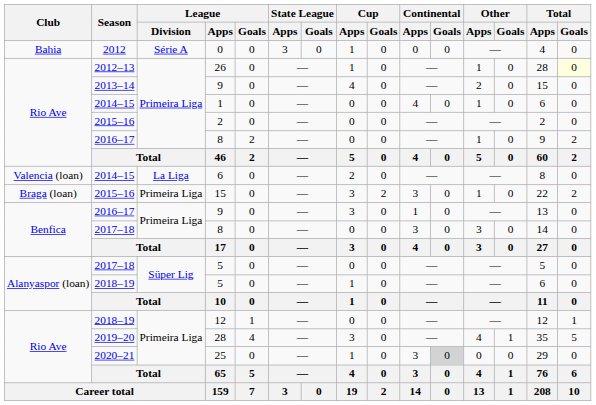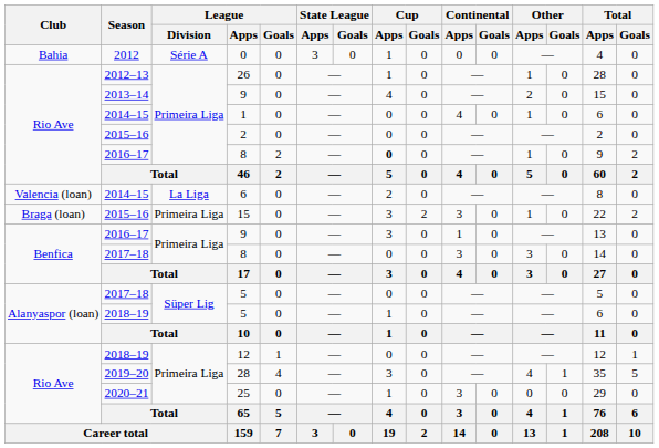 <table class="wikitable" style="text-align:center">
 <tr>
 <th rowspan="2">Club</th>
 <th rowspan="2">Season</th>
 <th colspan="3">League</th>
 <th colspan="2">State League</th>
 <th colspan="2">Cup</th>
 <th colspan="2">Continental</th>
 <th colspan="2">Other</th>
 <th colspan="2">Total</th>
 </tr>
 <tr>
 <th>Division</th>
 <th>Apps</th>
 <th>Goals</th>
 <th>Apps</th>
 <th>Goals</th>
 <th>Apps</th>
 <th>Goals</th>
 <th>Apps</th>
 <th>Goals</th>
 <th>Apps</th>
 <th>Goals</th>
 <th>Apps</th>
 <th>Goals</th>
 </tr>
 <tr>
 <td><a href='#'>Bahia</a></td>
 <td><a href='#'>2012</a></td>
 <td><a href='#'>Série A</a></td>
 <td>0</td>
 <td>0</td>
 <td>3</td>
 <td>0</td>
 <td>1</td>
 <td>0</td>
 <td>0</td>
 <td>0</td>
 <td colspan="2">—</td>
 <td>4</td>
 <td>0</td>
 </tr>
 <tr>
 <td rowspan="6"><a href='#'>Rio Ave</a></td>
 <td><a href='#'>2012–13</a></td>
 <td rowspan="5"><a href='#'>Primeira Liga</a></td>
 <td>26</td>
 <td>0</td>
 <td colspan="2">—</td>
 <td>1</td>
 <td>0</td>
 <td colspan="2">—</td>
 <td>1</td>
 <td>0</td>
 <td>28</td>
-<td style="background: lightyellow;">0</td>
+<td>0</td>
 </tr>
 <tr>
 <td><a href='#'>2013–14</a></td>
 <td>9</td>
 <td>0</td>
 <td colspan="2">—</td>
 <td>4</td>
 <td>0</td>
 <td colspan="2">—</td>
 <td>2</td>
 <td>0</td>
 <td>15</td>
 <td>0</td>
 </tr>
 <tr>
 <td><a href='#'>2014–15</a></td>
 <td>1</td>
 <td>0</td>
 <td colspan="2">—</td>
 <td>0</td>
 <td>0</td>
 <td>4</td>
 <td>0</td>
 <td>1</td>
 <td>0</td>
 <td>6</td>
 <td>0</td>
 </tr>
 <tr>
 <td><a href='#'>2015–16</a></td>
 <td>2</td>
 <td>0</td>
 <td colspan="2">—</td>
 <td>0</td>
 <td>0</td>
 <td colspan="2">—</td>
 <td colspan="2">—</td>
 <td>2</td>
 <td>0</td>
 </tr>
 <tr>
 <td><a href='#'>2016–17</a></td>
 <td>8</td>
 <td>2</td>
 <td colspan="2">—</td>
-<td>0</td>
+<td><strong>0</strong></td>
 <td>0</td>
 <td colspan="2">—</td>
 <td>1</td>
 <td>0</td>
 <td>9</td>
 <td>2</td>
 </tr>
 <tr>
 <th colspan="2">Total</th>
 <th>46</th>
 <th>2</th>
 <th colspan="2">—</th>
 <th>5</th>
 <th>0</th>
 <th>4</th>
 <th>0</th>
 <th>5</th>
 <th>0</th>
 <th>60</th>
 <th>2</th>
 </tr>
 <tr>
 <td><a href='#'>Valencia</a> (loan)</td>
 <td><a href='#'>2014–15</a></td>
 <td><a href='#'>La Liga</a></td>
 <td>6</td>
 <td>0</td>
 <td colspan="2">—</td>
 <td>2</td>
 <td>0</td>
 <td colspan="2">—</td>
 <td colspan="2">—</td>
 <td>8</td>
 <td>0</td>
 </tr>
 <tr>
 <td><a href='#'>Braga</a> (loan)</td>
 <td><a href='#'>2015–16</a></td>
 <td>Primeira Liga</td>
 <td>15</td>
 <td>0</td>
 <td colspan="2">—</td>
 <td>3</td>
 <td>2</td>
 <td>3</td>
 <td>0</td>
 <td>1</td>
 <td>0</td>
 <td>22</td>
 <td>2</td>
 </tr>
 <tr>
 <td rowspan="3"><a href='#'>Benfica</a></td>
 <td><a href='#'>2016–17</a></td>
 <td rowspan="2">Primeira Liga</td>
 <td>9</td>
 <td>0</td>
 <td colspan="2">—</td>
 <td>3</td>
 <td>0</td>
 <td>1</td>
 <td>0</td>
 <td colspan="2">—</td>
 <td>13</td>
 <td>0</td>
 </tr>
 <tr>
 <td><a href='#'>2017–18</a></td>
 <td>8</td>
 <td>0</td>
 <td colspan="2">—</td>
 <td>0</td>
 <td>0</td>
 <td>3</td>
 <td>0</td>
 <td>3</td>
 <td>0</td>
 <td>14</td>
 <td>0</td>
 </tr>
 <tr>
 <th colspan="2">Total</th>
 <th>17</th>
 <th>0</th>
 <th colspan="2">—</th>
 <th>3</th>
 <th>0</th>
 <th>4</th>
 <th>0</th>
 <th>3</th>
 <th>0</th>
 <th>27</th>
 <th>0</th>
 </tr>
 <tr>
 <td rowspan="3"><a href='#'>Alanyaspor</a> (loan)</td>
 <td><a href='#'>2017–18</a></td>
 <td rowspan="2"><a href='#'>Süper Lig</a></td>
 <td>5</td>
 <td>0</td>
 <td colspan="2">—</td>
 <td>0</td>
 <td>0</td>
 <td colspan="2">—</td>
 <td colspan="2">—</td>
 <td>5</td>
 <td>0</td>
 </tr>
 <tr>
 <td><a href='#'>2018–19</a></td>
 <td>5</td>
 <td>0</td>
 <td colspan="2">—</td>
 <td>1</td>
 <td>0</td>
 <td colspan="2">—</td>
 <td colspan="2">—</td>
 <td>6</td>
 <td>0</td>
 </tr>
 <tr>
 <th colspan="2">Total</th>
 <th>10</th>
 <th>0</th>
 <th colspan="2">—</th>
 <th>1</th>
 <th>0</th>
 <th colspan="2">—</th>
 <th colspan="2">—</th>
 <th>11</th>
 <th>0</th>
 </tr>
 <tr>
 <td rowspan="4"><a href='#'>Rio Ave</a></td>
 <td><a href='#'>2018–19</a></td>
 <td rowspan="3">Primeira Liga</td>
 <td>12</td>
 <td>1</td>
 <td colspan="2">—</td>
 <td>0</td>
 <td>0</td>
 <td colspan="2">—</td>
 <td colspan="2">—</td>
 <td>12</td>
 <td>1</td>
 </tr>
 <tr>
 <td><a href='#'>2019–20</a></td>
 <td>28</td>
 <td>4</td>
 <td colspan="2">—</td>
 <td>3</td>
 <td>0</td>
 <td colspan="2">—</td>
 <td>4</td>
 <td>1</td>
 <td>35</td>
 <td>5</td>
 </tr>
 <tr>
 <td><a href='#'>2020–21</a></td>
 <td>25</td>
 <td>0</td>
 <td colspan="2">—</td>
 <td>1</td>
 <td>0</td>
 <td>3</td>
-<td style="background: lightgrey;">0</td>
+<td>0</td>
 <td>0</td>
 <td>0</td>
 <td>29</td>
 <td>0</td>
 </tr>
 <tr>
 <th colspan="2">Total</th>
 <th>65</th>
 <th>5</th>
 <th colspan="2">—</th>
 <th>4</th>
 <th>0</th>
 <th>3</th>
 <th>0</th>
 <th>4</th>
 <th>1</th>
 <th>76</th>
 <th>6</th>
 </tr>
 <tr>
 <th colspan="3">Career total</th>
 <th>159</th>
 <th>7</th>
 <th>3</th>
 <th>0</th>
 <th>19</th>
 <th>2</th>
 <th>14</th>
 <th>0</th>
 <th>13</th>
 <th>1</th>
 <th>208</th>
 <th>10</th>
 </tr>
 </table>
